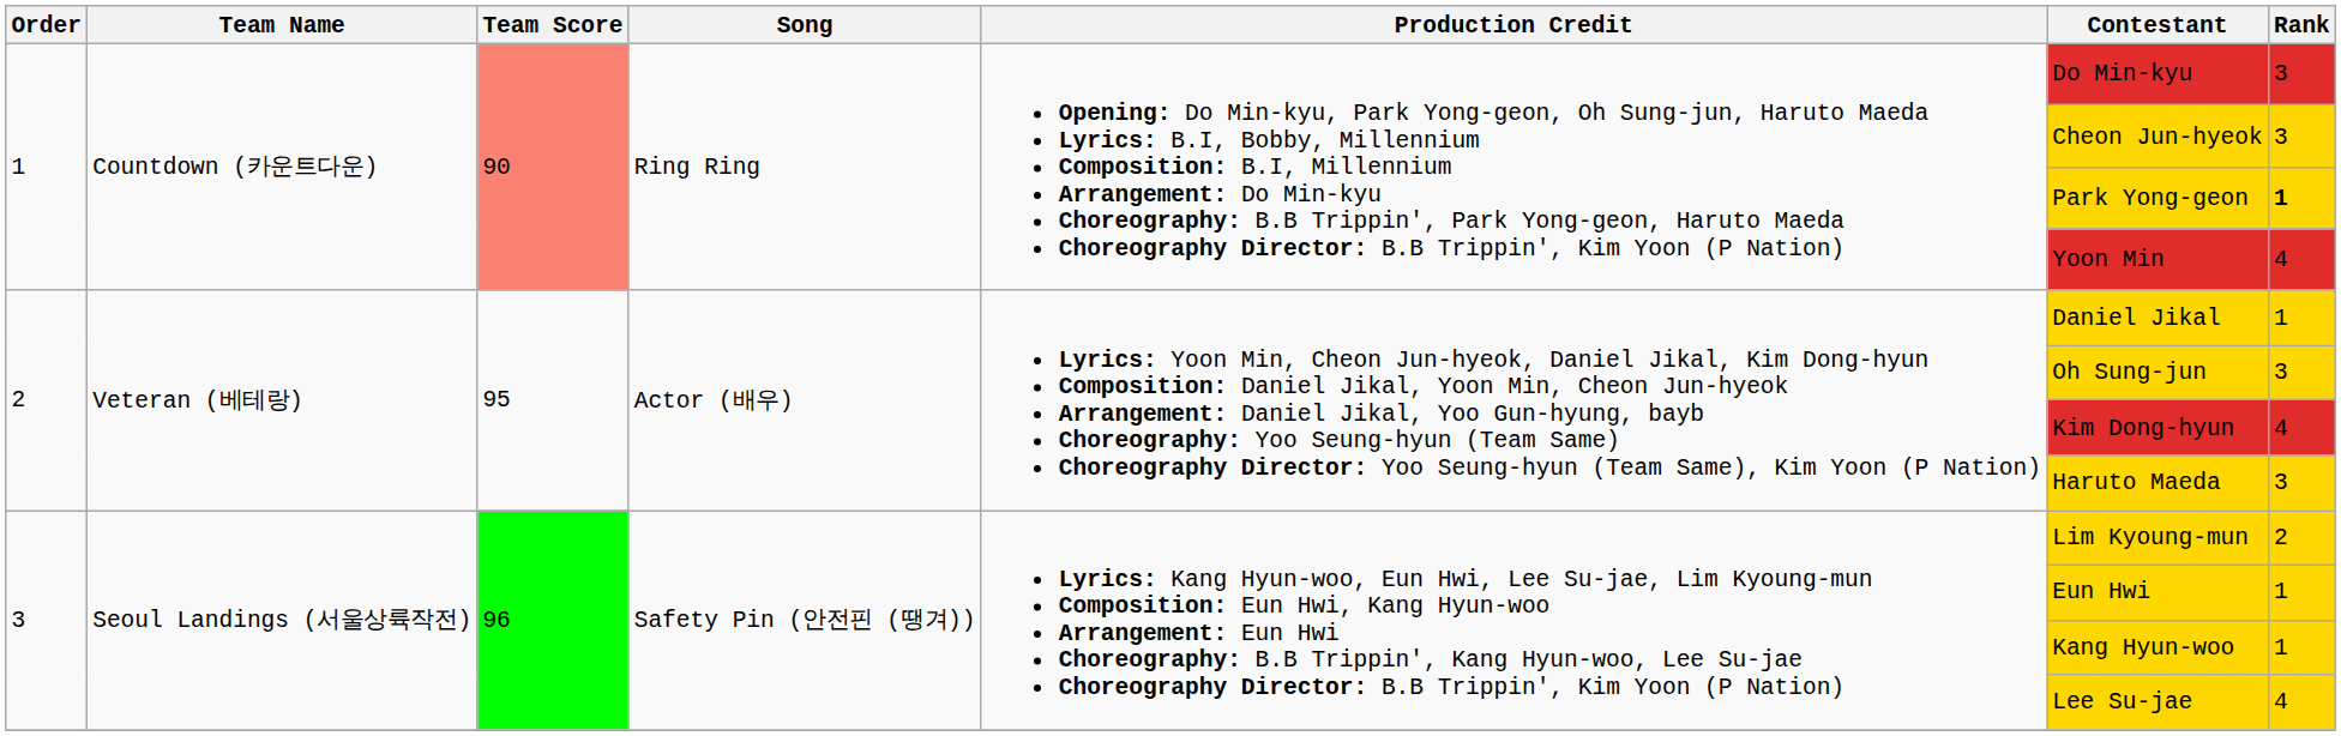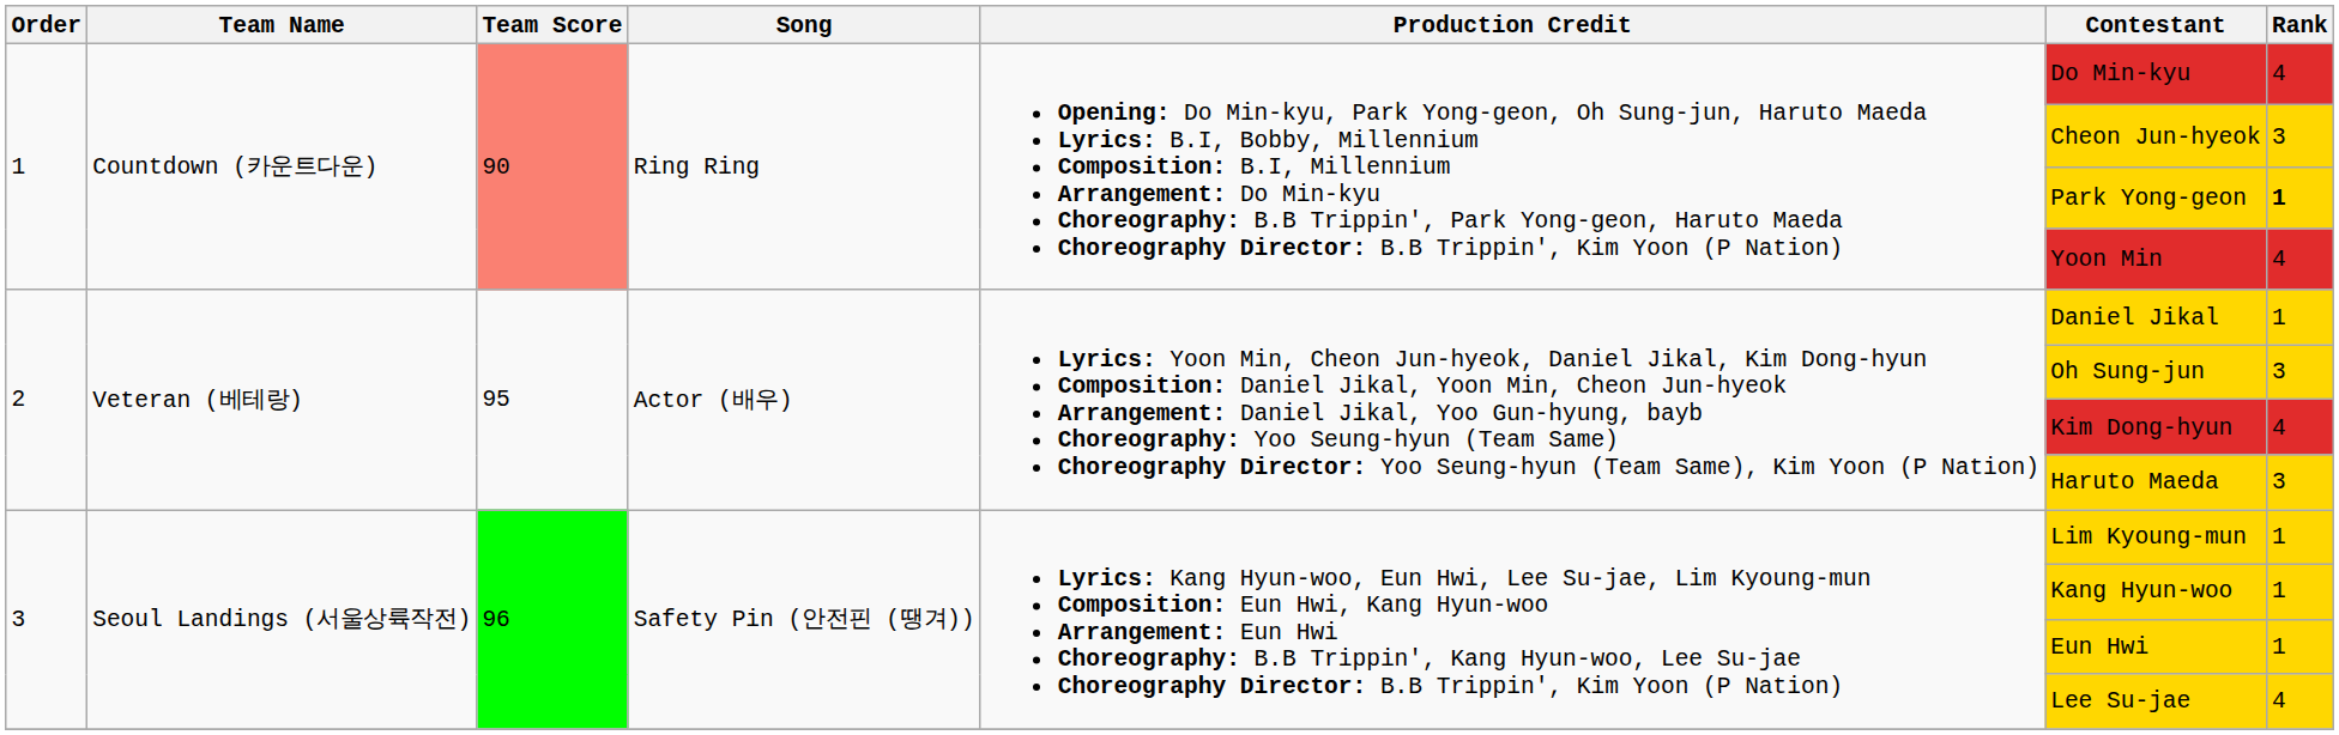 <table class="wikitable">
 <tr>
 <th>Order</th>
 <th>Team Name</th>
 <th>Team Score</th>
 <th>Song</th>
 <th>Production Credit</th>
 <th>Contestant</th>
 <th>Rank</th>
 </tr>
 <tr>
 <td rowspan="4">1</td>
 <td rowspan="4">Countdown (카운트다운)</td>
 <td rowspan="4" style="background:salmon;">90</td>
 <td rowspan="4">Ring Ring</td>
 <td rowspan="4"><br><ul><li><strong>Opening:</strong> Do Min-kyu, Park Yong-geon, Oh Sung-jun, Haruto Maeda</li><li><strong>Lyrics:</strong> B.I, Bobby, Millennium</li><li><strong>Composition:</strong> B.I, Millennium</li><li><strong>Arrangement:</strong> Do Min-kyu</li><li><strong>Choreography:</strong> B.B Trippin', Park Yong-geon, Haruto Maeda</li><li><strong>Choreography Director:</strong> B.B Trippin', Kim Yoon (P Nation)</li></ul></td>
 <td style="background:#E12C2C;">Do Min-kyu</td>
-<td style="background:#E12C2C;">3</td>
+<td style="background:#E12C2C;">4</td>
 </tr>
 <tr style="background:#FFD700;">
 <td>Cheon Jun-hyeok</td>
 <td>3</td>
 </tr>
 <tr style="background:#FFD700;">
 <td>Park Yong-geon</td>
 <td><strong>1</strong></td>
 </tr>
 <tr style="background:#E12C2C;">
 <td>Yoon Min</td>
 <td>4</td>
 </tr>
 <tr>
 <td rowspan="4">2</td>
 <td rowspan="4">Veteran (베테랑)</td>
 <td rowspan="4">95</td>
 <td rowspan="4">Actor (배우)</td>
 <td rowspan="4"><br><ul><li><strong>Lyrics:</strong> Yoon Min, Cheon Jun-hyeok, Daniel Jikal, Kim Dong-hyun</li><li><strong>Composition:</strong> Daniel Jikal, Yoon Min, Cheon Jun-hyeok</li><li><strong>Arrangement:</strong> Daniel Jikal, Yoo Gun-hyung, bayb</li><li><strong>Choreography:</strong> Yoo Seung-hyun (Team Same)</li><li><strong>Choreography Director:</strong> Yoo Seung-hyun (Team Same), Kim Yoon (P Nation)</li></ul></td>
 <td style="background:#FFD700;">Daniel Jikal</td>
 <td style="background:#FFD700;">1</td>
 </tr>
 <tr style="background:#FFD700;">
 <td>Oh Sung-jun</td>
 <td>3</td>
 </tr>
 <tr style="background:#E12C2C;">
 <td>Kim Dong-hyun</td>
 <td>4</td>
 </tr>
 <tr style="background:#FFD700;">
 <td>Haruto Maeda</td>
 <td>3</td>
 </tr>
 <tr>
 <td rowspan="4">3</td>
 <td rowspan="4">Seoul Landings (서울상륙작전)</td>
 <td rowspan="4" style="background:#00FF00;">96</td>
 <td rowspan="4">Safety Pin (안전핀 (땡겨))</td>
 <td rowspan="4"><br><ul><li><strong>Lyrics:</strong> Kang Hyun-woo, Eun Hwi, Lee Su-jae, Lim Kyoung-mun</li><li><strong>Composition:</strong> Eun Hwi, Kang Hyun-woo</li><li><strong>Arrangement:</strong> Eun Hwi</li><li><strong>Choreography:</strong> B.B Trippin', Kang Hyun-woo, Lee Su-jae</li><li><strong>Choreography Director:</strong> B.B Trippin', Kim Yoon (P Nation)</li></ul></td>
 <td style="background:#FFD700;">Lim Kyoung-mun</td>
-<td style="background:#FFD700;">2</td>
+<td style="background:#FFD700;">1</td>
+</tr>
+<tr style="background:#FFD700;">
+<td>Kang Hyun-woo</td>
+<td>1</td>
 </tr>
 <tr style="background:#FFD700;">
 <td>Eun Hwi</td>
-<td>1</td>
-</tr>
-<tr style="background:#FFD700;">
-<td>Kang Hyun-woo</td>
 <td>1</td>
 </tr>
 <tr style="background:#FFD700;">
 <td>Lee Su-jae</td>
 <td>4</td>
 </tr>
 <tr>
 </tr>
 </table>
